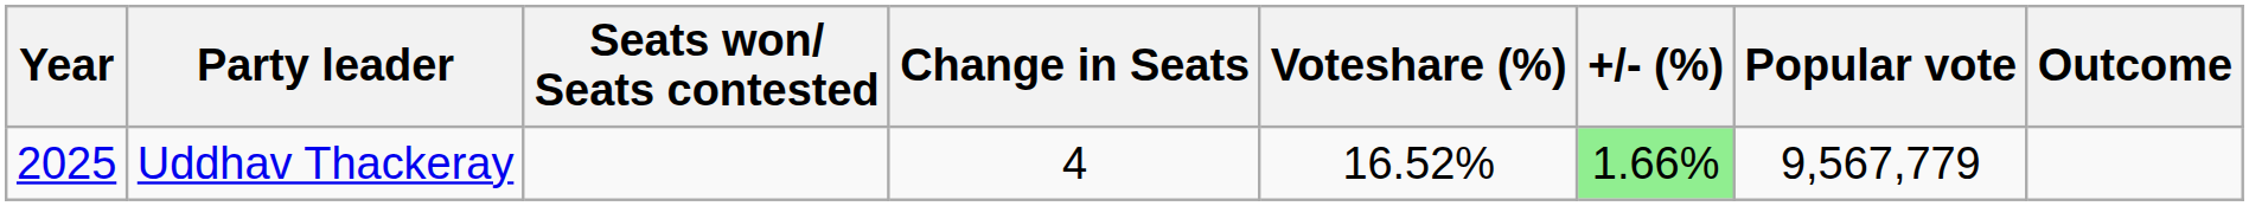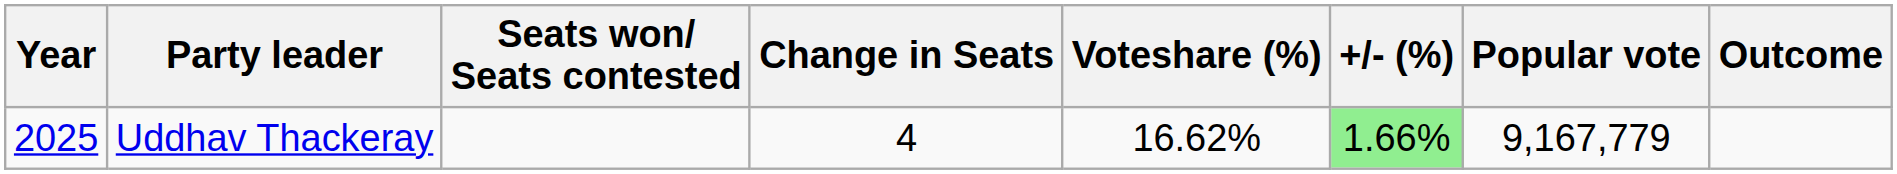 <table class="wikitable sortable">
 <tr>
 <th style="background-color:">Year</th>
 <th style="background-color:">Party leader</th>
 <th style="background-color:">Seats won/<br> Seats contested</th>
 <th style="background-color:">Change in Seats</th>
 <th style="background-color:">Voteshare (%)</th>
 <th style="background-color:">+/- (%)</th>
 <th style="background-color:">Popular vote</th>
 <th style="background-color:">Outcome</th>
 </tr>
 <tr style="text-align:center;">
 <td><a href='#'>2025</a></td>
 <td><a href='#'>Uddhav Thackeray</a></td>
 <td></td>
 <td> 4</td>
-<td>16.52%</td>
+<td>16.62%</td>
 <td style="background: lightgreen;"> 1.66%</td>
-<td>9,567,779</td>
+<td>9,167,779</td>
 <td></td>
 </tr>
 </table>
